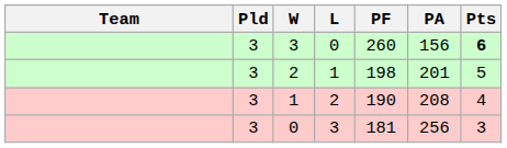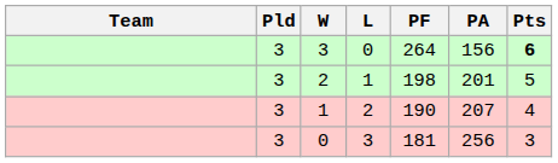 <table class="wikitable" style="text-align:center;">
 <tr>
 <th width=170>Team</th>
 <th width=25>Pld</th>
 <th width=25>W</th>
 <th width=25>L</th>
 <th width=35>PF</th>
 <th width=35>PA</th>
 <th width=25>Pts</th>
 </tr>
 <tr bgcolor=#ccffcc>
 <td align="left"></td>
 <td>3</td>
 <td>3</td>
 <td>0</td>
-<td>260</td>
+<td>264</td>
 <td>156</td>
 <td><strong>6</strong></td>
 </tr>
 <tr bgcolor=#ccffcc>
 <td align="left"></td>
 <td>3</td>
 <td>2</td>
 <td>1</td>
 <td>198</td>
 <td>201</td>
 <td>5</td>
 </tr>
 <tr bgcolor=#ffcccc>
 <td align="left"></td>
 <td>3</td>
 <td>1</td>
 <td>2</td>
 <td>190</td>
-<td>208</td>
+<td>207</td>
 <td>4</td>
 </tr>
 <tr bgcolor=#ffcccc>
 <td align="left"></td>
 <td>3</td>
 <td>0</td>
 <td>3</td>
 <td>181</td>
 <td>256</td>
 <td>3</td>
 </tr>
 </table>
